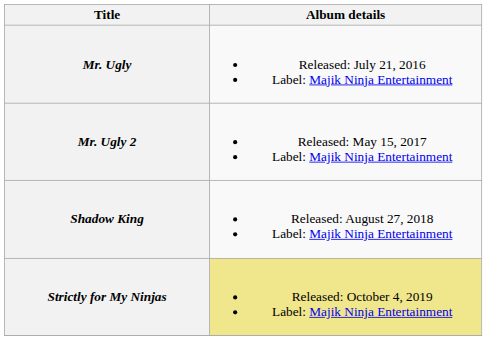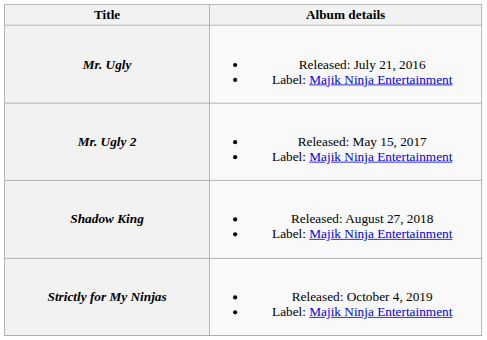 <table class="wikitable plainrowheaders" style="text-align:center;" border="1">
 <tr>
 <th scope="col" style="width:15em;">Title</th>
 <th scope="col" style="width:20em;">Album details</th>
 </tr>
 <tr>
 <th scope="row"><em>Mr. Ugly</em></th>
 <td><br><ul><li>Released: July 21, 2016</li><li>Label: <a href='#'>Majik Ninja Entertainment</a></li></ul></td>
 </tr>
 <tr>
 <th scope="row"><em>Mr. Ugly 2</em></th>
 <td><br><ul><li>Released: May 15, 2017</li><li>Label: <a href='#'>Majik Ninja Entertainment</a></li></ul></td>
 </tr>
 <tr>
 <th scope="row"><em>Shadow King</em></th>
 <td><br><ul><li>Released: August 27, 2018</li><li>Label: <a href='#'>Majik Ninja Entertainment</a></li></ul></td>
 </tr>
 <tr>
 <th scope="row"><em>Strictly for My Ninjas</em></th>
-<td style="background: khaki;"><br><ul><li>Released: October 4, 2019</li><li>Label: <a href='#'>Majik Ninja Entertainment</a></li></ul></td>
+<td><br><ul><li>Released: October 4, 2019</li><li>Label: <a href='#'>Majik Ninja Entertainment</a></li></ul></td>
 </tr>
 <tr>
 </tr>
 </table>
